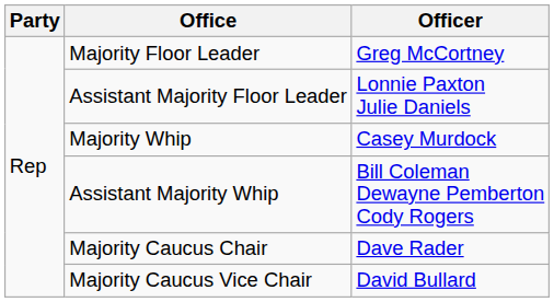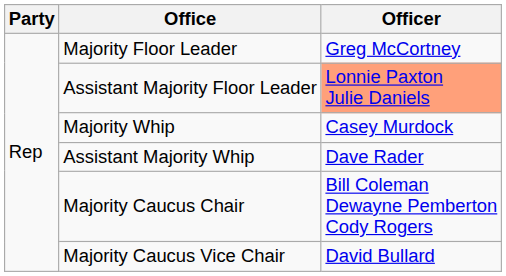 <table class=wikitable>
 <tr>
 <th>Party</th>
 <th>Office</th>
 <th>Officer</th>
 </tr>
 <tr>
 <td rowspan=13 style="background: ">Rep</td>
 <td>Majority Floor Leader</td>
 <td><a href='#'>Greg McCortney</a></td>
 </tr>
 <tr>
 <td>Assistant Majority Floor Leader</td>
-<td><a href='#'>Lonnie Paxton</a><br><a href='#'>Julie Daniels</a></td>
+<td style="background: lightsalmon;"><a href='#'>Lonnie Paxton</a><br><a href='#'>Julie Daniels</a></td>
 </tr>
 <tr>
 <td>Majority Whip</td>
 <td><a href='#'>Casey Murdock</a></td>
 </tr>
 <tr>
 <td>Assistant Majority Whip</td>
-<td><a href='#'>Bill Coleman</a><br><a href='#'>Dewayne Pemberton</a><br><a href='#'>Cody Rogers</a></td>
+<td><a href='#'>Dave Rader</a></td>
 </tr>
 <tr>
 <td>Majority Caucus Chair</td>
-<td><a href='#'>Dave Rader</a></td>
+<td><a href='#'>Bill Coleman</a><br><a href='#'>Dewayne Pemberton</a><br><a href='#'>Cody Rogers</a></td>
 </tr>
 <tr>
 <td>Majority Caucus Vice Chair</td>
 <td><a href='#'>David Bullard</a></td>
 </tr>
 </table>
